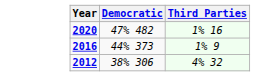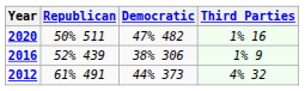 <table class="wikitable" style="float:right; font-size:95%;">
 <tr bgcolor=lightgrey>
 <th>Year</th>
+<th><a href='#'>Republican</a></th>
 <th><a href='#'>Democratic</a></th>
 <th><a href='#'>Third Parties</a></th>
 </tr>
 <tr>
 <td style="text-align:center; "><strong><a href='#'>2020</a></strong></td>
+<td style="text-align:center; "><em>50%</em> <em>511</em></td>
 <td style="text-align:center; "><em>47%</em> <em>482</em></td>
 <td style="text-align:center; background:honeyDew;"><em>1%</em> <em>16</em></td>
 </tr>
 <tr>
 <td style="text-align:center; "><strong><a href='#'>2016</a></strong></td>
-<td style="text-align:center; "><em>44%</em> <em>373</em></td>
+<td style="text-align:center; "><em>52%</em> <em>439</em></td>
+<td style="text-align:center; "><em>38%</em> <em>306</em></td>
 <td style="text-align:center; background:honeyDew;"><em>1%</em> <em>9</em></td>
 </tr>
 <tr>
 <td style="text-align:center; "><strong><a href='#'>2012</a></strong></td>
-<td style="text-align:center; "><em>38%</em> <em>306</em></td>
+<td style="text-align:center; "><em>61%</em> <em>491</em></td>
+<td style="text-align:center; "><em>44%</em> <em>373</em></td>
 <td style="text-align:center; background:honeyDew;"><em>4%</em> <em>32</em></td>
 </tr>
 </table>
